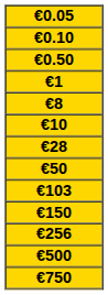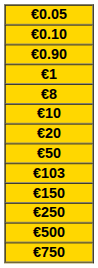 <table border=1 cellspacing=0 cellpadding=1 width=100px style="background:gold;text-align:center">
 <tr>
 <td><strong>€0.05</strong></td>
 </tr>
 <tr>
 <td><strong>€0.10</strong></td>
 </tr>
 <tr>
-<td><strong>€0.50</strong></td>
+<td><strong>€0.90</strong></td>
 </tr>
 <tr>
 <td><strong>€1</strong></td>
 </tr>
 <tr>
 <td><strong>€8</strong></td>
 </tr>
 <tr>
 <td><strong>€10</strong></td>
 </tr>
 <tr>
-<td><strong>€28</strong></td>
+<td><strong>€20</strong></td>
 </tr>
 <tr>
 <td><strong>€50</strong></td>
 </tr>
 <tr>
 <td><strong>€103</strong></td>
 </tr>
 <tr>
 <td><strong>€150</strong></td>
 </tr>
 <tr>
-<td><strong>€256</strong></td>
+<td><strong>€250</strong></td>
 </tr>
 <tr>
 <td><strong>€500</strong></td>
 </tr>
 <tr>
 <td><strong>€750</strong></td>
 </tr>
 </table>
